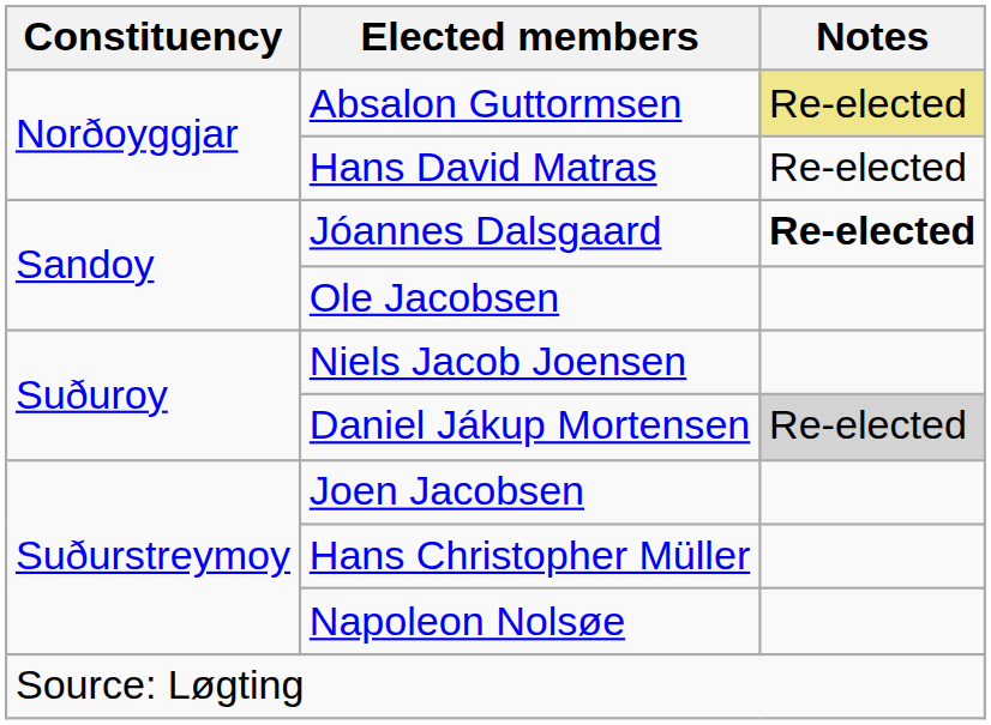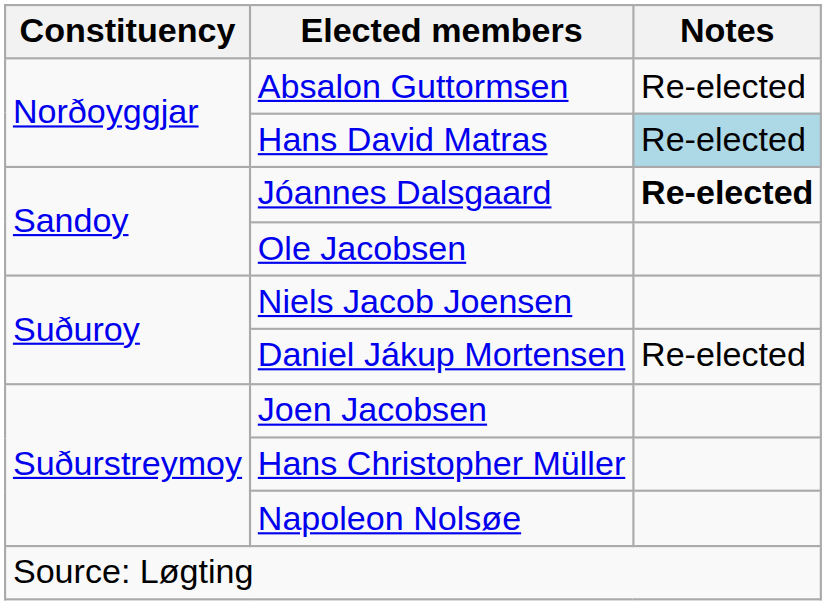 <table class=wikitable>
 <tr>
 <th>Constituency</th>
 <th>Elected members</th>
 <th>Notes</th>
 </tr>
 <tr>
 <td rowspan=2><a href='#'>Norðoyggjar</a></td>
 <td><a href='#'>Absalon Guttormsen</a></td>
-<td style="background: khaki;">Re-elected</td>
+<td>Re-elected</td>
 </tr>
 <tr>
 <td><a href='#'>Hans David Matras</a></td>
-<td>Re-elected</td>
+<td style="background: lightblue;">Re-elected</td>
 </tr>
 <tr>
 <td rowspan=2><a href='#'>Sandoy</a></td>
 <td><a href='#'>Jóannes Dalsgaard</a></td>
 <td><strong>Re-elected</strong></td>
 </tr>
 <tr>
 <td><a href='#'>Ole Jacobsen</a></td>
 <td></td>
 </tr>
 <tr>
 <td rowspan=2><a href='#'>Suðuroy</a></td>
 <td><a href='#'>Niels Jacob Joensen</a></td>
 <td></td>
 </tr>
 <tr>
 <td><a href='#'>Daniel Jákup Mortensen</a></td>
-<td style="background: lightgrey;">Re-elected</td>
+<td>Re-elected</td>
 </tr>
 <tr>
 <td rowspan=3><a href='#'>Suðurstreymoy</a></td>
 <td><a href='#'>Joen Jacobsen</a></td>
 <td></td>
 </tr>
 <tr>
 <td><a href='#'>Hans Christopher Müller</a></td>
 <td></td>
 </tr>
 <tr>
 <td><a href='#'>Napoleon Nolsøe</a></td>
 <td></td>
 </tr>
 <tr>
 <td colspan=3>Source: Løgting</td>
 </tr>
 </table>
